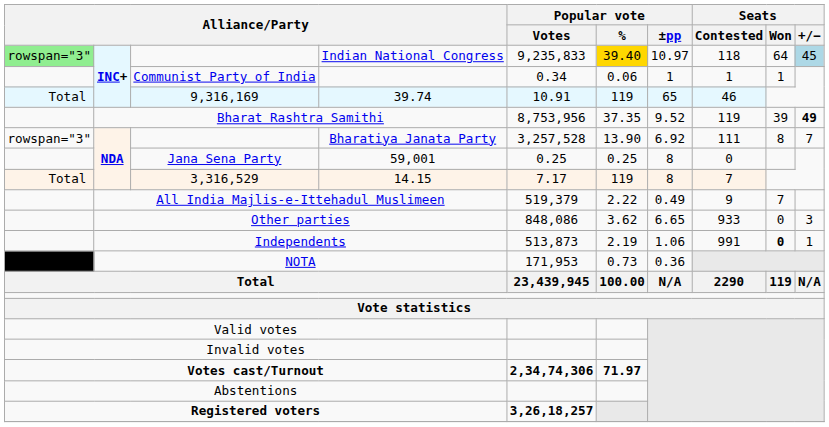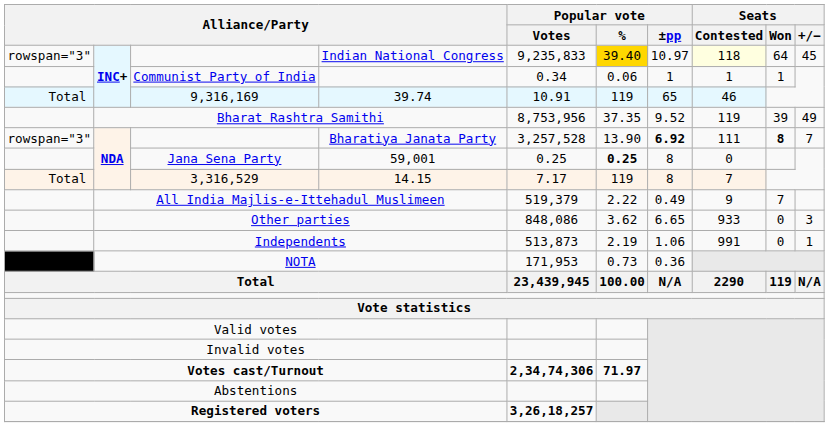 <table class="wikitable sortable" style="text-align:center;">
 <tr>
 <th colspan="4" rowspan="2">Alliance/Party</th>
 <th colspan="3">Popular vote</th>
 <th colspan="3">Seats</th>
 </tr>
 <tr>
 <th>Votes</th>
 <th>%</th>
 <th>±<a href='#'>pp</a></th>
 <th>Contested</th>
 <th>Won</th>
 <th><strong>+/−</strong></th>
 </tr>
 <tr>
-<td style="background: lightgreen;">rowspan="3" </td>
+<td>rowspan="3" </td>
 <th rowspan="3" style="background:#E5F8FF"><a href='#'>INC</a>+</th>
 <td></td>
 <td><a href='#'>Indian National Congress</a></td>
 <td>9,235,833</td>
 <td style="background: gold;">39.40</td>
 <td> 10.97</td>
-<td>118</td>
+<td style="background: lightyellow;">118</td>
 <td>64</td>
-<td style="background: lightblue;"> 45</td>
+<td> 45</td>
 </tr>
 <tr>
 <td></td>
 <td><a href='#'>Communist Party of India</a></td>
 <td></td>
 <td>0.34</td>
 <td> 0.06</td>
 <td>1</td>
 <td>1</td>
 <td> 1</td>
 </tr>
 <tr>
 <td colspan="2" style="background:#E5F8FF">Total</td>
 <td style="background:#E5F8FF">9,316,169</td>
 <td style="background:#E5F8FF">39.74</td>
 <td style="background:#E5F8FF"> 10.91</td>
 <td style="background:#E5F8FF">119</td>
 <td style="background:#E5F8FF">65</td>
 <td style="background:#E5F8FF"> 46</td>
 </tr>
 <tr>
 <td></td>
 <td colspan="3"><a href='#'>Bharat Rashtra Samithi</a></td>
 <td>8,753,956</td>
 <td>37.35</td>
 <td> 9.52</td>
 <td>119</td>
 <td>39</td>
-<td><strong> 49</strong></td>
+<td> 49</td>
 </tr>
 <tr>
 <td>rowspan="3" </td>
 <th rowspan="3" style="background:#FEF3E8"><a href='#'>NDA</a></th>
 <td></td>
 <td><a href='#'>Bharatiya Janata Party</a></td>
 <td>3,257,528</td>
 <td>13.90</td>
-<td> 6.92</td>
+<td><strong> 6.92</strong></td>
 <td>111</td>
-<td>8</td>
+<td><strong>8</strong></td>
 <td> 7</td>
 </tr>
 <tr>
 <td></td>
 <td><a href='#'>Jana Sena Party</a></td>
 <td>59,001</td>
 <td>0.25</td>
-<td> 0.25</td>
+<td><strong> 0.25</strong></td>
 <td>8</td>
 <td>0</td>
 <td></td>
 </tr>
 <tr>
 <td colspan="2" style="background:#fef3E8">Total</td>
 <td style="background:#fef3E8">3,316,529</td>
 <td style="background:#fef3E8">14.15</td>
 <td style="background:#fef3E8"> 7.17</td>
 <td style="background:#fef3E8">119</td>
 <td style="background:#fef3E8">8</td>
 <td style="background:#fef3E8"> 7</td>
 </tr>
 <tr>
 <td></td>
 <td colspan="3"><a href='#'>All India Majlis-e-Ittehadul Muslimeen</a></td>
 <td>519,379</td>
 <td>2.22</td>
 <td> 0.49</td>
 <td>9</td>
 <td>7</td>
 <td></td>
 </tr>
 <tr>
 <td></td>
 <td colspan="3"><a href='#'>Other parties</a></td>
 <td>848,086</td>
 <td>3.62</td>
 <td> 6.65</td>
 <td>933</td>
 <td>0</td>
 <td> 3</td>
 </tr>
 <tr>
 <td></td>
 <td colspan="3"><a href='#'>Independents</a></td>
 <td>513,873</td>
 <td>2.19</td>
 <td> 1.06</td>
 <td>991</td>
-<td><strong>0</strong></td>
+<td>0</td>
 <td> 1</td>
 </tr>
 <tr>
 <td bgcolor="black"></td>
 <td colspan="3"><a href='#'>NOTA</a></td>
 <td>171,953</td>
 <td>0.73</td>
 <td> 0.36</td>
 <th colspan="3" style="background-color:#E9E9E9"></th>
 </tr>
 <tr>
 <th colspan="4">Total</th>
 <th>23,439,945</th>
 <th>100.00</th>
 <th>N/A</th>
 <th>2290</th>
 <th>119</th>
 <th>N/A</th>
 </tr>
 <tr>
 <td colspan="10"></td>
 </tr>
 <tr>
 <th colspan="10">Vote statistics</th>
 </tr>
 <tr>
 <td colspan="4">Valid votes</td>
 <td></td>
 <td></td>
 <th colspan="4" rowspan="5" style="background-color:#E9E9E9"></th>
 </tr>
 <tr>
 <td colspan="4">Invalid votes</td>
 <td></td>
 <td></td>
 </tr>
 <tr>
 <td colspan="4"><strong>Votes cast/Turnout</strong></td>
 <td><strong>2,34,74,306</strong></td>
 <td><strong>71.97</strong></td>
 </tr>
 <tr>
 <td colspan="4">Abstentions</td>
 <td></td>
 <td></td>
 </tr>
 <tr>
 <td colspan="4"><strong>Registered voters</strong></td>
 <td><strong>3,26,18,257</strong></td>
 <td style="background-color:#E9E9E9"></td>
 </tr>
 <tr>
 </tr>
 </table>
